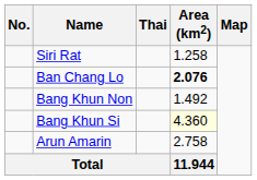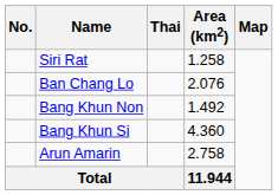 <table class="wikitable sortable">
 <tr>
 <th>No.</th>
 <th>Name</th>
 <th>Thai</th>
 <th>Area<br>(km<sup>2</sup>)</th>
 <th>Map</th>
 </tr>
 <tr>
 <td></td>
 <td><a href='#'>Siri Rat</a></td>
 <td></td>
 <td><div>1.258</div></td>
 <td rowspan=6></td>
 </tr>
 <tr>
 <td></td>
 <td><a href='#'>Ban Chang Lo</a></td>
 <td></td>
-<td><strong><div>2.076</div></strong></td>
+<td><div>2.076</div></td>
 </tr>
 <tr>
 <td></td>
 <td><a href='#'>Bang Khun Non</a></td>
 <td></td>
 <td><div>1.492</div></td>
 </tr>
 <tr>
 <td></td>
 <td><a href='#'>Bang Khun Si</a></td>
 <td></td>
-<td style="background: lightyellow;"><div>4.360</div></td>
+<td><div>4.360</div></td>
 </tr>
 <tr>
 <td></td>
 <td><a href='#'>Arun Amarin</a></td>
 <td></td>
 <td><div>2.758</div></td>
 </tr>
 <tr>
 <th colspan=3>Total</th>
 <th><div>11.944</div></th>
 </tr>
 </table>
